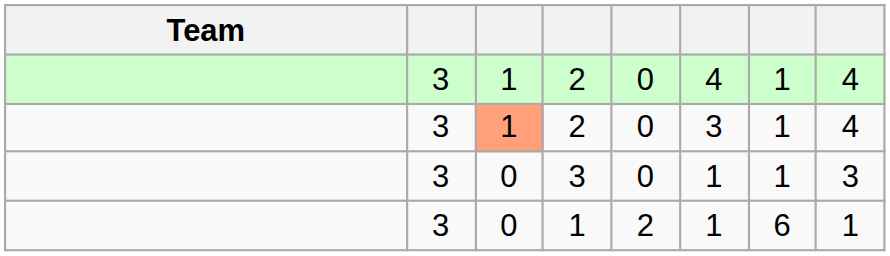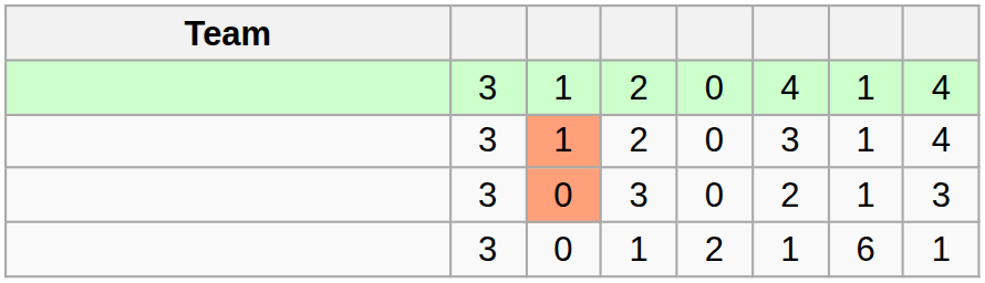 <table class="wikitable" style="text-align: center; font-size: 90%;">
 <tr>
 <th width=180>Team</th>
 <th width=25></th>
 <th width=25></th>
 <th width=25></th>
 <th width=25></th>
 <th width=25></th>
 <th width=25></th>
 <th width=25></th>
 </tr>
 <tr bgcolor=#ccffcc>
 <td align="left"></td>
 <td>3</td>
 <td>1</td>
 <td>2</td>
 <td>0</td>
 <td>4</td>
 <td>1</td>
 <td>4</td>
 </tr>
 <tr>
 <td align="left"></td>
 <td>3</td>
 <td style="background: lightsalmon;">1</td>
 <td>2</td>
 <td>0</td>
 <td>3</td>
 <td>1</td>
 <td>4</td>
 </tr>
 <tr>
 <td align="left"></td>
 <td>3</td>
-<td>0</td>
+<td style="background: lightsalmon;">0</td>
 <td>3</td>
 <td>0</td>
-<td>1</td>
+<td>2</td>
 <td>1</td>
 <td>3</td>
 </tr>
 <tr>
 <td align="left"></td>
 <td>3</td>
 <td>0</td>
 <td>1</td>
 <td>2</td>
 <td>1</td>
 <td>6</td>
 <td>1</td>
 </tr>
 </table>
